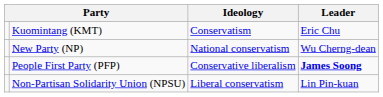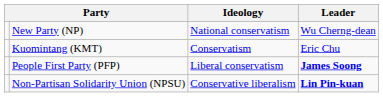 <table class=wikitable style=text-align:left>
 <tr>
 <th colspan=2>Party</th>
 <th>Ideology</th>
 <th>Leader</th>
+</tr>
+<tr>
+<td></td>
+<td><a href='#'>New Party</a> (NP)</td>
+<td><a href='#'>National conservatism</a></td>
+<td><a href='#'>Wu Cherng-dean</a></td>
 </tr>
 <tr>
 <td></td>
 <td><a href='#'>Kuomintang</a> (KMT)</td>
 <td><a href='#'>Conservatism</a></td>
 <td><a href='#'>Eric Chu</a></td>
 </tr>
 <tr>
 <td></td>
-<td><a href='#'>New Party</a> (NP)</td>
-<td><a href='#'>National conservatism</a></td>
-<td><a href='#'>Wu Cherng-dean</a></td>
-</tr>
-<tr>
-<td></td>
 <td><a href='#'>People First Party</a> (PFP)</td>
-<td><a href='#'>Conservative liberalism</a></td>
+<td><a href='#'>Liberal conservatism</a></td>
 <td><strong><a href='#'>James Soong</a></strong></td>
 </tr>
 <tr>
 <td></td>
 <td><a href='#'>Non-Partisan Solidarity Union</a> (NPSU)</td>
-<td><a href='#'>Liberal conservatism</a></td>
-<td><a href='#'>Lin Pin-kuan</a></td>
+<td><a href='#'>Conservative liberalism</a></td>
+<td><strong><a href='#'>Lin Pin-kuan</a></strong></td>
 </tr>
 </table>
